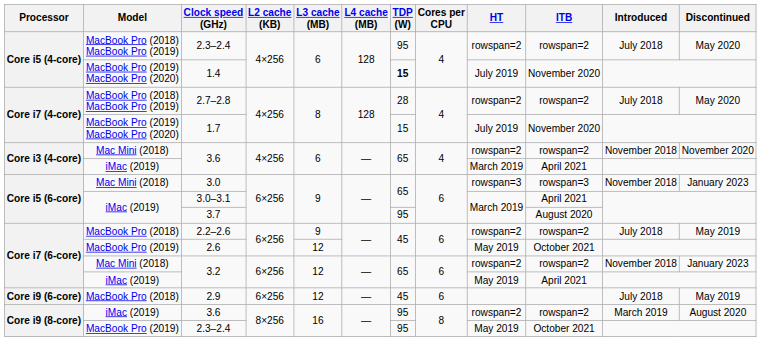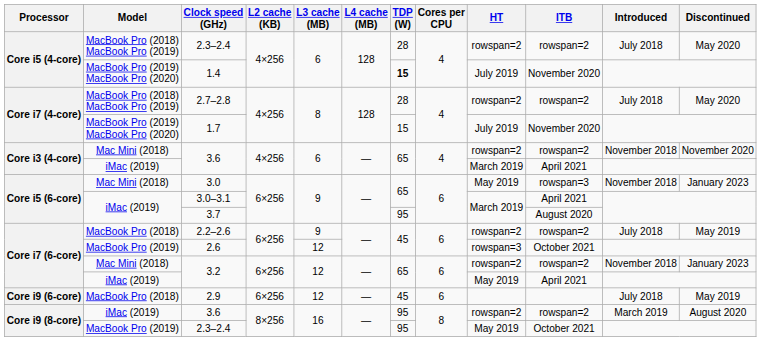 <table class="wikitable sortable" style="font-size:smaller; text-align:center">
 <tr>
 <th>Processor</th>
 <th>Model</th>
 <th><a href='#'>Clock speed</a><br>(GHz)</th>
 <th><a href='#'>L2 cache</a><br>(KB)</th>
 <th><a href='#'>L3 cache</a><br>(MB)</th>
 <th><a href='#'>L4 cache</a><br>(MB)</th>
 <th><a href='#'>TDP</a><br>(W)</th>
 <th>Cores per<br>CPU</th>
 <th><a href='#'>HT</a></th>
 <th><a href='#'>ITB</a></th>
 <th>Introduced</th>
 <th>Discontinued</th>
 </tr>
 <tr>
 <th rowspan=2>Core i5 (4-core)</th>
 <td><a href='#'>MacBook Pro</a> (2018)<br><a href='#'>MacBook Pro</a> (2019)</td>
 <td>2.3–2.4</td>
 <td rowspan=2>4×256</td>
 <td rowspan=2>6</td>
 <td rowspan=2>128</td>
-<td>95</td>
+<td>28</td>
 <td rowspan=2>4</td>
 <td>rowspan=2 </td>
 <td>rowspan=2 </td>
 <td>July 2018</td>
 <td>May 2020</td>
 </tr>
 <tr>
 <td><a href='#'>MacBook Pro</a> (2019)<br><a href='#'>MacBook Pro</a> (2020)</td>
 <td>1.4</td>
 <td><strong>15</strong></td>
 <td>July 2019</td>
 <td>November 2020</td>
 </tr>
 <tr>
 <th rowspan=2>Core i7 (4-core)</th>
 <td><a href='#'>MacBook Pro</a> (2018)<br><a href='#'>MacBook Pro</a> (2019)</td>
 <td>2.7–2.8</td>
 <td rowspan=2>4×256</td>
 <td rowspan=2>8</td>
 <td rowspan=2>128</td>
 <td>28</td>
 <td rowspan=2>4</td>
 <td>rowspan=2 </td>
 <td>rowspan=2 </td>
 <td>July 2018</td>
 <td>May 2020</td>
 </tr>
 <tr>
 <td><a href='#'>MacBook Pro</a> (2019)<br><a href='#'>MacBook Pro</a> (2020)</td>
 <td>1.7</td>
 <td>15</td>
 <td>July 2019</td>
 <td>November 2020</td>
 </tr>
 <tr>
 <th rowspan=2>Core i3 (4-core)</th>
 <td><a href='#'>Mac Mini</a> (2018)</td>
 <td rowspan=2>3.6</td>
 <td rowspan=2>4×256</td>
 <td rowspan=2>6</td>
 <td rowspan=2>—</td>
 <td rowspan=2>65</td>
 <td rowspan=2>4</td>
 <td>rowspan=2 </td>
 <td>rowspan=2 </td>
 <td>November 2018</td>
 <td>November 2020</td>
 </tr>
 <tr>
 <td><a href='#'>iMac</a> (2019)</td>
 <td>March 2019</td>
 <td>April 2021</td>
 </tr>
 <tr>
 <th rowspan=3>Core i5 (6-core)</th>
 <td><a href='#'>Mac Mini</a> (2018)</td>
 <td>3.0</td>
 <td rowspan=3>6×256</td>
 <td rowspan=3>9</td>
 <td rowspan=3>—</td>
 <td rowspan=2>65</td>
 <td rowspan=3>6</td>
-<td>rowspan=3 </td>
+<td>May 2019</td>
 <td>rowspan=3 </td>
 <td>November 2018</td>
 <td>January 2023</td>
 </tr>
 <tr>
 <td rowspan=2><a href='#'>iMac</a> (2019)</td>
 <td>3.0–3.1</td>
 <td rowspan=2>March 2019</td>
 <td>April 2021</td>
 </tr>
 <tr>
 <td>3.7</td>
 <td>95</td>
 <td>August 2020</td>
 </tr>
 <tr>
 <th rowspan=4>Core i7 (6-core)</th>
 <td><a href='#'>MacBook Pro</a> (2018)</td>
 <td>2.2–2.6</td>
 <td rowspan=2>6×256</td>
 <td>9</td>
 <td rowspan=2>—</td>
 <td rowspan=2>45</td>
 <td rowspan=2>6</td>
 <td>rowspan=2 </td>
 <td>rowspan=2 </td>
 <td>July 2018</td>
 <td>May 2019</td>
 </tr>
 <tr>
 <td><a href='#'>MacBook Pro</a> (2019)</td>
 <td>2.6</td>
 <td>12</td>
-<td>May 2019</td>
+<td>rowspan=3 </td>
 <td>October 2021</td>
 </tr>
 <tr>
 <td><a href='#'>Mac Mini</a> (2018)</td>
 <td rowspan=2>3.2</td>
 <td rowspan=2>6×256</td>
 <td rowspan=2>12</td>
 <td rowspan=2>—</td>
 <td rowspan=2>65</td>
 <td rowspan=2>6</td>
 <td>rowspan=2 </td>
 <td>rowspan=2 </td>
 <td>November 2018</td>
 <td>January 2023</td>
 </tr>
 <tr>
 <td><a href='#'>iMac</a> (2019)</td>
 <td>May 2019</td>
 <td>April 2021</td>
 </tr>
 <tr>
 <th>Core i9 (6-core)</th>
 <td><a href='#'>MacBook Pro</a> (2018)</td>
 <td>2.9</td>
 <td>6×256</td>
 <td>12</td>
 <td>—</td>
 <td>45</td>
 <td>6</td>
 <td></td>
 <td></td>
 <td>July 2018</td>
 <td>May 2019</td>
 </tr>
 <tr>
 <th rowspan=2>Core i9 (8-core)</th>
 <td><a href='#'>iMac</a> (2019)</td>
 <td>3.6</td>
 <td rowspan=2>8×256</td>
 <td rowspan=2>16</td>
 <td rowspan=2>—</td>
 <td>95</td>
 <td rowspan=2>8</td>
 <td>rowspan=2 </td>
 <td>rowspan=2 </td>
 <td>March 2019</td>
 <td>August 2020</td>
 </tr>
 <tr>
 <td><a href='#'>MacBook Pro</a> (2019)</td>
 <td>2.3–2.4</td>
 <td>95</td>
 <td>May 2019</td>
 <td>October 2021</td>
 </tr>
 </table>
